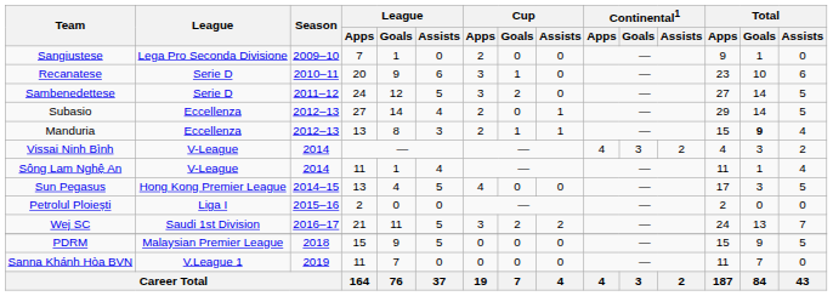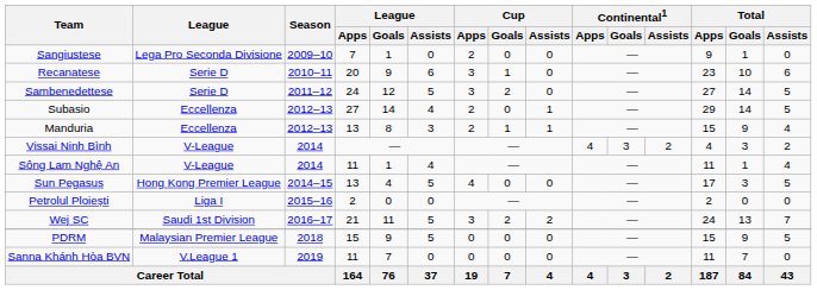 <table class="wikitable" style="text-align:center">
 <tr>
 <th rowspan=2>Team</th>
 <th rowspan=2>League</th>
 <th rowspan=2>Season</th>
 <th colspan=3>League</th>
 <th colspan=3>Cup</th>
 <th colspan=3>Continental<sup>1</sup></th>
 <th colspan=3>Total</th>
 </tr>
 <tr>
 <th>Apps</th>
 <th>Goals</th>
 <th>Assists</th>
 <th>Apps</th>
 <th>Goals</th>
 <th>Assists</th>
 <th>Apps</th>
 <th>Goals</th>
 <th>Assists</th>
 <th>Apps</th>
 <th>Goals</th>
 <th>Assists</th>
 </tr>
 <tr>
 <td><a href='#'>Sangiustese</a></td>
 <td><a href='#'>Lega Pro Seconda Divisione</a></td>
 <td><a href='#'>2009–10</a></td>
 <td>7</td>
 <td>1</td>
 <td>0</td>
 <td>2</td>
 <td>0</td>
 <td>0</td>
 <td colspan="3">—</td>
 <td>9</td>
 <td>1</td>
 <td>0</td>
 </tr>
 <tr>
 <td><a href='#'>Recanatese</a></td>
 <td><a href='#'>Serie D</a></td>
 <td><a href='#'>2010–11</a></td>
 <td>20</td>
 <td>9</td>
 <td>6</td>
 <td>3</td>
 <td>1</td>
 <td>0</td>
 <td colspan="3">—</td>
 <td>23</td>
 <td>10</td>
 <td>6</td>
 </tr>
 <tr>
 <td><a href='#'>Sambenedettese</a></td>
 <td><a href='#'>Serie D</a></td>
 <td><a href='#'>2011–12</a></td>
 <td>24</td>
 <td>12</td>
 <td>5</td>
 <td>3</td>
 <td>2</td>
 <td>0</td>
 <td colspan="3">—</td>
 <td>27</td>
 <td>14</td>
 <td>5</td>
 </tr>
 <tr>
 <td>Subasio</td>
 <td><a href='#'>Eccellenza</a></td>
 <td><a href='#'>2012–13</a></td>
 <td>27</td>
 <td>14</td>
 <td>4</td>
 <td>2</td>
 <td>0</td>
 <td>1</td>
 <td colspan="3">—</td>
 <td>29</td>
 <td>14</td>
 <td>5</td>
 </tr>
 <tr>
 <td>Manduria</td>
 <td><a href='#'>Eccellenza</a></td>
 <td><a href='#'>2012–13</a></td>
 <td>13</td>
 <td>8</td>
 <td>3</td>
 <td>2</td>
 <td>1</td>
 <td>1</td>
 <td colspan="3">—</td>
 <td>15</td>
-<td><strong>9</strong></td>
+<td>9</td>
 <td>4</td>
 </tr>
 <tr>
 <td><a href='#'>Vissai Ninh Bình</a></td>
 <td><a href='#'>V-League</a></td>
 <td><a href='#'>2014</a></td>
 <td colspan="3">—</td>
 <td colspan="3">—</td>
 <td>4</td>
 <td>3</td>
 <td>2</td>
 <td>4</td>
 <td>3</td>
 <td>2</td>
 </tr>
 <tr>
 <td><a href='#'>Sông Lam Nghệ An</a></td>
 <td><a href='#'>V-League</a></td>
 <td><a href='#'>2014</a></td>
 <td>11</td>
 <td>1</td>
 <td>4</td>
 <td colspan="3">—</td>
 <td colspan="3">—</td>
 <td>11</td>
 <td>1</td>
 <td>4</td>
 </tr>
 <tr>
 <td><a href='#'>Sun Pegasus</a></td>
 <td><a href='#'>Hong Kong Premier League</a></td>
 <td><a href='#'>2014–15</a></td>
 <td>13</td>
 <td>4</td>
 <td>5</td>
 <td>4</td>
 <td>0</td>
 <td>0</td>
 <td colspan="3">—</td>
 <td>17</td>
 <td>3</td>
 <td>5</td>
 </tr>
 <tr>
 <td><a href='#'>Petrolul Ploiești</a></td>
 <td><a href='#'>Liga I</a></td>
 <td><a href='#'>2015–16</a></td>
 <td>2</td>
 <td>0</td>
 <td>0</td>
 <td colspan="3">—</td>
 <td colspan="3">—</td>
 <td>2</td>
 <td>0</td>
 <td>0</td>
 </tr>
 <tr>
 <td><a href='#'>Wej SC</a></td>
 <td><a href='#'>Saudi 1st Division</a></td>
 <td><a href='#'>2016–17</a></td>
 <td>21</td>
 <td>11</td>
 <td>5</td>
 <td>3</td>
 <td>2</td>
 <td>2</td>
 <td colspan="3">—</td>
 <td>24</td>
 <td>13</td>
 <td>7</td>
 </tr>
 <tr>
 </tr>
 <tr>
 <td><a href='#'>PDRM</a></td>
 <td><a href='#'>Malaysian Premier League</a></td>
 <td><a href='#'>2018</a></td>
 <td>15</td>
 <td>9</td>
 <td>5</td>
 <td>0</td>
 <td>0</td>
 <td>0</td>
 <td colspan="3">—</td>
 <td>15</td>
 <td>9</td>
 <td>5</td>
 </tr>
 <tr>
 <td><a href='#'>Sanna Khánh Hòa BVN</a></td>
 <td><a href='#'>V.League 1</a></td>
 <td><a href='#'>2019</a></td>
 <td>11</td>
 <td>7</td>
 <td>0</td>
 <td>0</td>
 <td>0</td>
 <td>0</td>
 <td colspan="3">—</td>
 <td>11</td>
 <td>7</td>
 <td>0</td>
 </tr>
 <tr>
 <th colspan="3">Career Total</th>
 <th>164</th>
 <th>76</th>
 <th>37</th>
 <th>19</th>
 <th>7</th>
 <th>4</th>
 <th>4</th>
 <th>3</th>
 <th>2</th>
 <th>187</th>
 <th>84</th>
 <th>43</th>
 </tr>
 </table>
